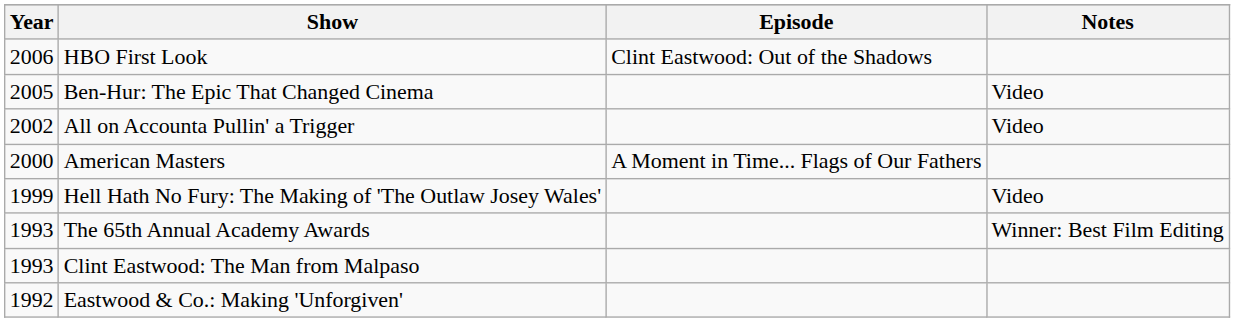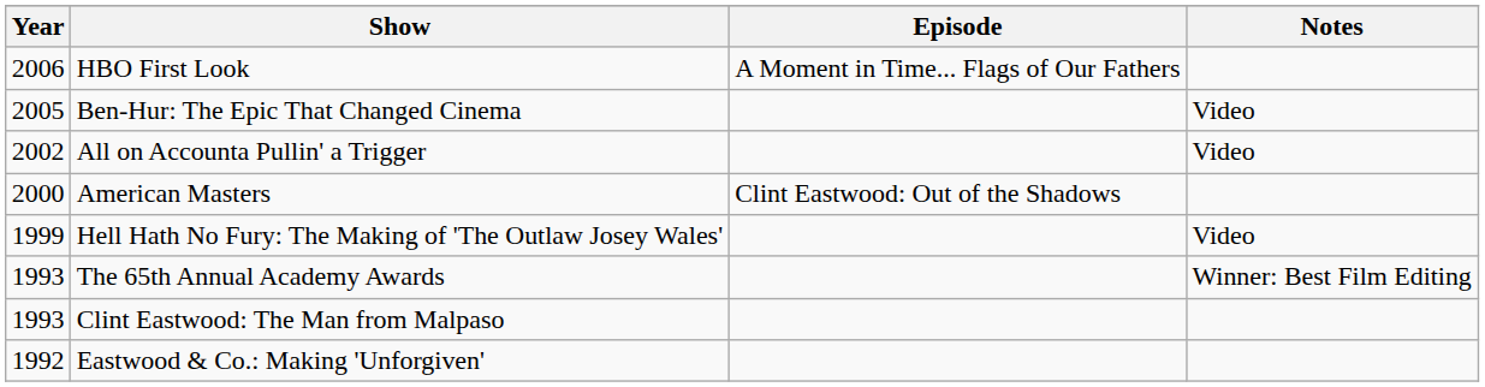 <table class="wikitable sortable">
 <tr bgcolor="#CCCCCC">
 </tr>
 <tr>
 <th>Year</th>
 <th>Show</th>
 <th>Episode</th>
 <th>Notes</th>
 </tr>
 <tr>
 <td>2006</td>
 <td>HBO First Look</td>
-<td>Clint Eastwood: Out of the Shadows</td>
+<td>A Moment in Time... Flags of Our Fathers</td>
 <td></td>
 </tr>
 <tr>
 <td>2005</td>
 <td>Ben-Hur: The Epic That Changed Cinema</td>
 <td></td>
 <td>Video</td>
 </tr>
 <tr>
 <td>2002</td>
 <td>All on Accounta Pullin' a Trigger</td>
 <td></td>
 <td>Video</td>
 </tr>
 <tr>
 <td>2000</td>
 <td>American Masters</td>
-<td>A Moment in Time... Flags of Our Fathers</td>
+<td>Clint Eastwood: Out of the Shadows</td>
 <td></td>
 </tr>
 <tr>
 <td>1999</td>
 <td>Hell Hath No Fury: The Making of 'The Outlaw Josey Wales'</td>
 <td></td>
 <td>Video</td>
 </tr>
 <tr>
 <td>1993</td>
 <td>The 65th Annual Academy Awards</td>
 <td></td>
 <td>Winner: Best Film Editing</td>
 </tr>
 <tr>
 <td>1993</td>
 <td>Clint Eastwood: The Man from Malpaso</td>
 <td></td>
 <td></td>
 </tr>
 <tr>
 <td>1992</td>
 <td>Eastwood & Co.: Making 'Unforgiven'</td>
 <td></td>
 <td></td>
 </tr>
 </table>
